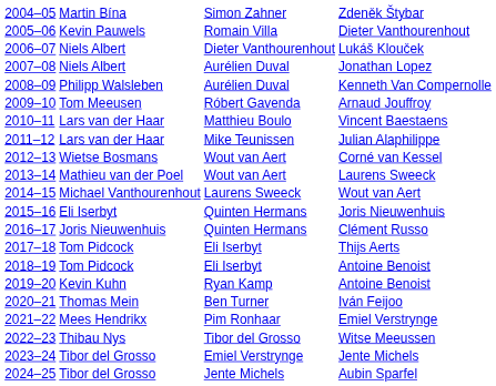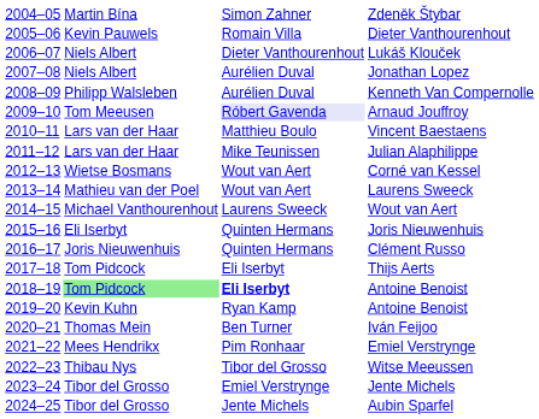 <table>
 <tr>
 <td><a href='#'>2004–05</a></td>
 <td> <a href='#'>Martin Bína</a></td>
 <td> <a href='#'>Simon Zahner</a></td>
 <td> <a href='#'>Zdeněk Štybar</a></td>
 </tr>
 <tr>
 <td><a href='#'>2005–06</a></td>
 <td> <a href='#'>Kevin Pauwels</a></td>
 <td> <a href='#'>Romain Villa</a></td>
 <td> <a href='#'>Dieter Vanthourenhout</a></td>
 </tr>
 <tr>
 <td><a href='#'>2006–07</a></td>
 <td> <a href='#'>Niels Albert</a></td>
 <td> <a href='#'>Dieter Vanthourenhout</a></td>
 <td> <a href='#'>Lukáš Klouček</a></td>
 </tr>
 <tr>
 <td><a href='#'>2007–08</a></td>
 <td> <a href='#'>Niels Albert</a></td>
 <td> <a href='#'>Aurélien Duval</a></td>
 <td> <a href='#'>Jonathan Lopez</a></td>
 </tr>
 <tr>
 <td><a href='#'>2008–09</a></td>
 <td> <a href='#'>Philipp Walsleben</a></td>
 <td> <a href='#'>Aurélien Duval</a></td>
 <td> <a href='#'>Kenneth Van Compernolle</a></td>
 </tr>
 <tr>
 <td><a href='#'>2009–10</a></td>
 <td> <a href='#'>Tom Meeusen</a></td>
-<td> <a href='#'>Róbert Gavenda</a></td>
+<td style="background: lavender;"> <a href='#'>Róbert Gavenda</a></td>
 <td> <a href='#'>Arnaud Jouffroy</a></td>
 </tr>
 <tr>
 <td><a href='#'>2010–11</a></td>
 <td> <a href='#'>Lars van der Haar</a></td>
 <td> <a href='#'>Matthieu Boulo</a></td>
 <td> <a href='#'>Vincent Baestaens</a></td>
 </tr>
 <tr>
 <td><a href='#'>2011–12</a></td>
 <td> <a href='#'>Lars van der Haar</a></td>
 <td> <a href='#'>Mike Teunissen</a></td>
 <td> <a href='#'>Julian Alaphilippe</a></td>
 </tr>
 <tr>
 <td><a href='#'>2012–13</a></td>
 <td> <a href='#'>Wietse Bosmans</a></td>
 <td> <a href='#'>Wout van Aert</a></td>
 <td> <a href='#'>Corné van Kessel</a></td>
 </tr>
 <tr>
 <td><a href='#'>2013–14</a></td>
 <td> <a href='#'>Mathieu van der Poel</a></td>
 <td> <a href='#'>Wout van Aert</a></td>
 <td> <a href='#'>Laurens Sweeck</a></td>
 </tr>
 <tr>
 <td><a href='#'>2014–15</a></td>
 <td> <a href='#'>Michael Vanthourenhout</a></td>
 <td> <a href='#'>Laurens Sweeck</a></td>
 <td> <a href='#'>Wout van Aert</a></td>
 </tr>
 <tr>
 <td><a href='#'>2015–16</a></td>
 <td> <a href='#'>Eli Iserbyt</a></td>
 <td> <a href='#'>Quinten Hermans</a></td>
 <td> <a href='#'>Joris Nieuwenhuis</a></td>
 </tr>
 <tr>
 <td><a href='#'>2016–17</a></td>
 <td> <a href='#'>Joris Nieuwenhuis</a></td>
 <td> <a href='#'>Quinten Hermans</a></td>
 <td> <a href='#'>Clément Russo</a></td>
 </tr>
 <tr>
 <td><a href='#'>2017–18</a></td>
 <td> <a href='#'>Tom Pidcock</a></td>
 <td> <a href='#'>Eli Iserbyt</a></td>
 <td> <a href='#'>Thijs Aerts</a></td>
 </tr>
 <tr>
 <td><a href='#'>2018–19</a></td>
-<td> <a href='#'>Tom Pidcock</a></td>
-<td> <a href='#'>Eli Iserbyt</a></td>
+<td style="background: lightgreen;"> <a href='#'>Tom Pidcock</a></td>
+<td><strong> <a href='#'>Eli Iserbyt</a></strong></td>
 <td> <a href='#'>Antoine Benoist</a></td>
 </tr>
 <tr>
 <td><a href='#'>2019–20</a></td>
 <td> <a href='#'>Kevin Kuhn</a></td>
 <td> <a href='#'>Ryan Kamp</a></td>
 <td> <a href='#'>Antoine Benoist</a></td>
 </tr>
 <tr>
 <td><a href='#'>2020–21</a></td>
 <td> <a href='#'>Thomas Mein</a></td>
 <td> <a href='#'>Ben Turner</a></td>
 <td> <a href='#'>Iván Feijoo</a></td>
 </tr>
 <tr>
 <td><a href='#'>2021–22</a></td>
 <td> <a href='#'>Mees Hendrikx</a></td>
 <td> <a href='#'>Pim Ronhaar</a></td>
 <td> <a href='#'>Emiel Verstrynge</a></td>
 </tr>
 <tr>
 <td><a href='#'>2022–23</a></td>
 <td> <a href='#'>Thibau Nys</a></td>
 <td> <a href='#'>Tibor del Grosso</a></td>
 <td> <a href='#'>Witse Meeussen</a></td>
 </tr>
 <tr>
 <td><a href='#'>2023–24</a></td>
 <td> <a href='#'>Tibor del Grosso</a></td>
 <td> <a href='#'>Emiel Verstrynge</a></td>
 <td> <a href='#'>Jente Michels</a></td>
 </tr>
 <tr>
 <td><a href='#'>2024–25</a></td>
 <td> <a href='#'>Tibor del Grosso</a></td>
 <td> <a href='#'>Jente Michels</a></td>
 <td> <a href='#'>Aubin Sparfel</a></td>
 </tr>
 </table>
